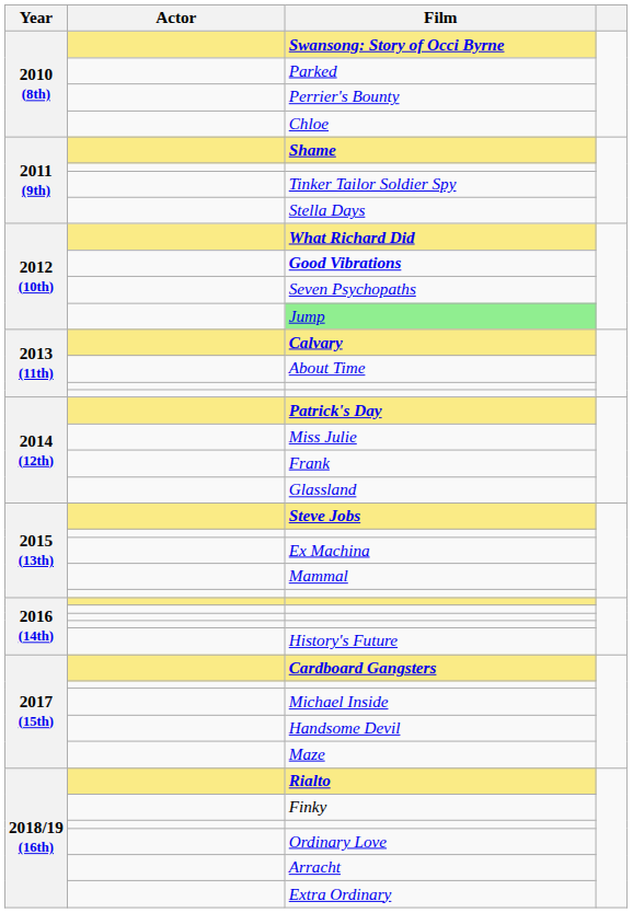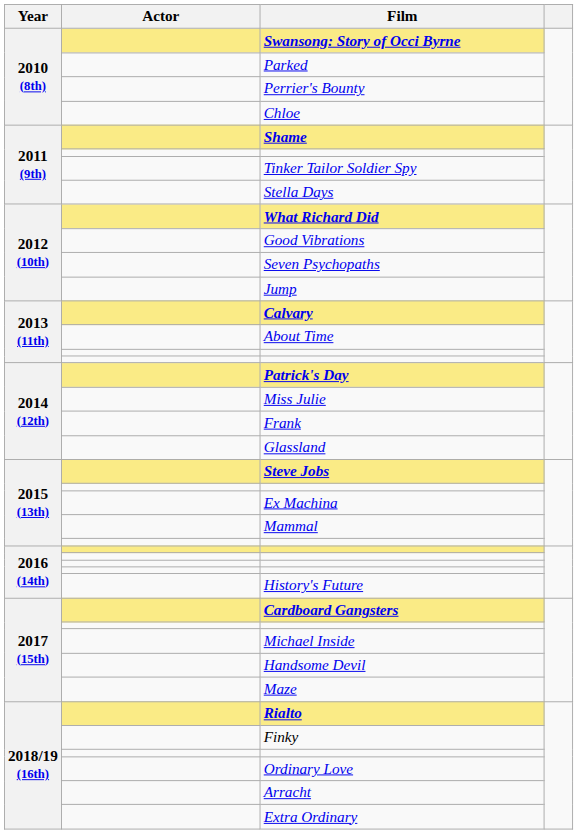 <table class="wikitable sortable">
 <tr>
 <th scope="col" style="width:10%;">Year</th>
 <th scope="col" style="width:35%;">Actor</th>
 <th scope="col" style="width:50%;">Film</th>
 <th scope="col" style="width:5%;" class="unsortable"></th>
 </tr>
 <tr>
 <th scope="row" rowspan=4 style="text-align:center">2010<br><small><a href='#'>(8th)</a></small></th>
 <td style="background:#FAEB86;"><strong> </strong></td>
 <td style="background:#FAEB86;"><strong><em><a href='#'>Swansong: Story of Occi Byrne</a></em></strong></td>
 <td rowspan=4 style="text-align:center;"></td>
 </tr>
 <tr>
 <td></td>
 <td><em><a href='#'>Parked</a></em></td>
 </tr>
 <tr>
 <td></td>
 <td><em><a href='#'>Perrier's Bounty</a></em></td>
 </tr>
 <tr>
 <td></td>
 <td><em><a href='#'>Chloe</a></em></td>
 </tr>
 <tr>
 <th scope="row" rowspan=4 style="text-align:center">2011<br><small><a href='#'>(9th)</a></small></th>
 <td style="background:#FAEB86;"><strong> </strong></td>
 <td style="background:#FAEB86;"><strong><em><a href='#'>Shame</a></em></strong></td>
 <td rowspan=4 style="text-align:center;"></td>
 </tr>
 <tr>
 <td></td>
 <td></td>
 </tr>
 <tr>
 <td></td>
 <td><em><a href='#'>Tinker Tailor Soldier Spy</a></em></td>
 </tr>
 <tr>
 <td></td>
 <td><em><a href='#'>Stella Days</a></em></td>
 </tr>
 <tr>
 <th scope="row" rowspan=4 style="text-align:center">2012<br><small><a href='#'>(10th)</a></small></th>
 <td style="background:#FAEB86;"><strong> </strong></td>
 <td style="background:#FAEB86;"><strong><em><a href='#'>What Richard Did</a></em></strong></td>
 <td rowspan=4 style="text-align:center;"></td>
 </tr>
 <tr>
 <td></td>
-<td><strong><em><a href='#'>Good Vibrations</a></em></strong></td>
+<td><em><a href='#'>Good Vibrations</a></em></td>
 </tr>
 <tr>
 <td></td>
 <td><em><a href='#'>Seven Psychopaths</a></em></td>
 </tr>
 <tr>
 <td></td>
-<td style="background: lightgreen;"><em><a href='#'>Jump</a></em></td>
+<td><em><a href='#'>Jump</a></em></td>
 </tr>
 <tr>
 <th scope="row" rowspan=4 style="text-align:center">2013<br><small><a href='#'>(11th)</a></small></th>
 <td style="background:#FAEB86;"><strong> </strong></td>
 <td style="background:#FAEB86;"><strong><em><a href='#'>Calvary</a></em></strong></td>
 <td rowspan=4 style="text-align:center;"></td>
 </tr>
 <tr>
 <td></td>
 <td><em><a href='#'>About Time</a></em></td>
 </tr>
 <tr>
 <td></td>
 <td></td>
 </tr>
 <tr>
 <td></td>
 <td></td>
 </tr>
 <tr>
 <th scope="row" rowspan=4 style="text-align:center">2014<br><small><a href='#'>(12th)</a></small></th>
 <td style="background:#FAEB86;"><strong> </strong></td>
 <td style="background:#FAEB86;"><strong><em><a href='#'>Patrick's Day</a></em></strong></td>
 <td rowspan=4 style="text-align:center;"></td>
 </tr>
 <tr>
 <td></td>
 <td><em><a href='#'>Miss Julie</a></em></td>
 </tr>
 <tr>
 <td></td>
 <td><em><a href='#'>Frank</a></em></td>
 </tr>
 <tr>
 <td></td>
 <td><em><a href='#'>Glassland</a></em></td>
 </tr>
 <tr>
 <th scope="row" rowspan=5 style="text-align:center">2015<br><small><a href='#'>(13th)</a></small></th>
 <td style="background:#FAEB86;"><strong> </strong></td>
 <td style="background:#FAEB86;"><strong><em><a href='#'>Steve Jobs</a></em></strong></td>
 <td rowspan=5 style="text-align:center;"></td>
 </tr>
 <tr>
 <td></td>
 <td></td>
 </tr>
 <tr>
 <td></td>
 <td><em><a href='#'>Ex Machina</a></em></td>
 </tr>
 <tr>
 <td></td>
 <td><em><a href='#'>Mammal</a></em></td>
 </tr>
 <tr>
 <td></td>
 <td></td>
 </tr>
 <tr>
 <th scope="row" rowspan=5 style="text-align:center">2016<br><small><a href='#'>(14th)</a></small></th>
 <td style="background:#FAEB86;"><strong> </strong></td>
 <td style="background:#FAEB86;"><strong></strong></td>
 <td rowspan=5 style="text-align:center;"></td>
 </tr>
 <tr>
 <td></td>
 <td></td>
 </tr>
 <tr>
 <td></td>
 <td></td>
 </tr>
 <tr>
 <td></td>
 <td></td>
 </tr>
 <tr>
 <td></td>
 <td><em><a href='#'>History's Future</a></em></td>
 </tr>
 <tr>
 <th scope="row" rowspan=5 style="text-align:center">2017<br><small><a href='#'>(15th)</a></small></th>
 <td style="background:#FAEB86;"><strong> </strong></td>
 <td style="background:#FAEB86;"><strong><em><a href='#'>Cardboard Gangsters</a></em></strong></td>
 <td rowspan=5 style="text-align:center;"></td>
 </tr>
 <tr>
 <td></td>
 <td></td>
 </tr>
 <tr>
 <td></td>
 <td><em><a href='#'>Michael Inside</a></em></td>
 </tr>
 <tr>
 <td></td>
 <td><em><a href='#'>Handsome Devil</a></em></td>
 </tr>
 <tr>
 <td></td>
 <td><em><a href='#'>Maze</a></em></td>
 </tr>
 <tr>
 <th scope="row" rowspan=6 style="text-align:center">2018/19<br><small><a href='#'>(16th)</a></small></th>
 <td style="background:#FAEB86;"><strong> </strong></td>
 <td style="background:#FAEB86;"><strong><em><a href='#'>Rialto</a></em></strong></td>
 <td rowspan=6 style="text-align:center;"></td>
 </tr>
 <tr>
 <td></td>
 <td><em>Finky</em></td>
 </tr>
 <tr>
 <td></td>
 <td></td>
 </tr>
 <tr>
 <td></td>
 <td><em><a href='#'>Ordinary Love</a></em></td>
 </tr>
 <tr>
 <td></td>
 <td><em><a href='#'>Arracht</a></em></td>
 </tr>
 <tr>
 <td></td>
 <td><em><a href='#'>Extra Ordinary</a></em></td>
 </tr>
 </table>
